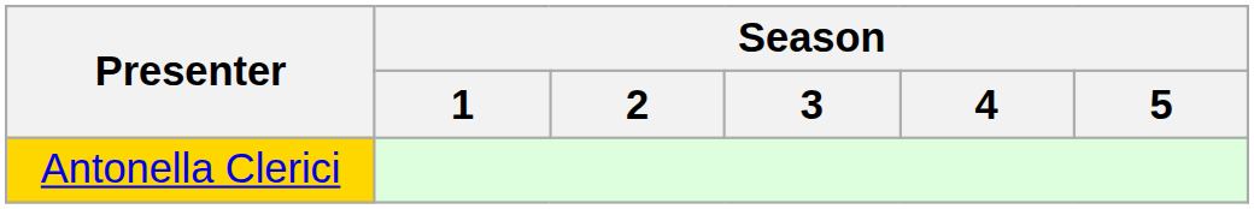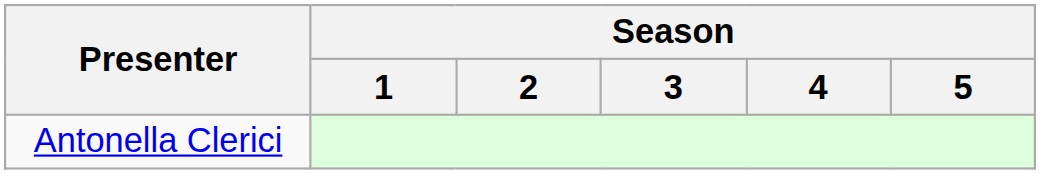 <table class="wikitable" style="text-align:center; width: auto">
 <tr>
 <th rowspan="2" width="135">Presenter</th>
 <th colspan="5">Season</th>
 </tr>
 <tr>
 <th width="60">1</th>
 <th width="60">2</th>
 <th width="60">3</th>
 <th width="60">4</th>
 <th width="60">5</th>
 </tr>
 <tr>
-<td style="background: gold;"><a href='#'>Antonella Clerici</a></td>
+<td><a href='#'>Antonella Clerici</a></td>
 <td colspan="5" style="background:#ddffdd"></td>
 </tr>
 </table>
